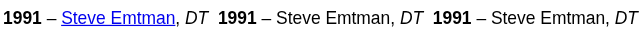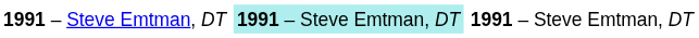 <table cellpadding="3" style="font-size:.9em">
 <tr>
 </tr>
 <tr>
 </tr>
 <tr style="vertical-align:top;">
 <td><strong>1991</strong> – <a href='#'>Steve Emtman</a>, <em>DT</em><br></td>
-<td><strong>1991</strong> – Steve Emtman, <em>DT</em><br></td>
+<td style="background: paleturquoise;"><strong>1991</strong> – Steve Emtman, <em>DT</em><br></td>
 <td><strong>1991</strong> – Steve Emtman, <em>DT</em><br></td>
 </tr>
 </table>
